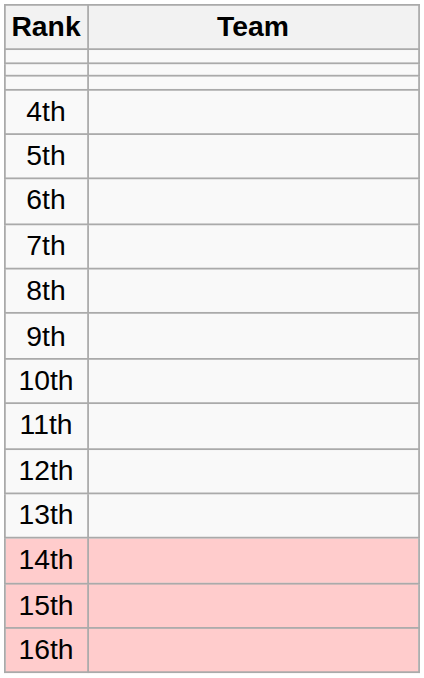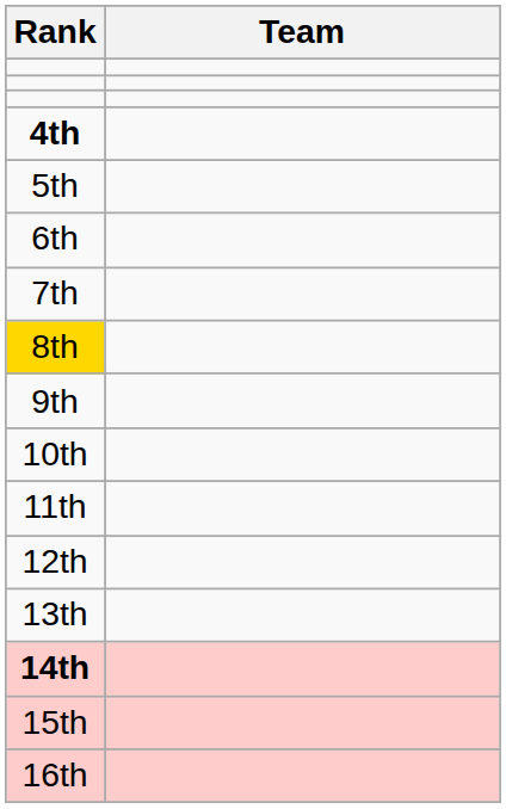 <table class=wikitable style="text-align:center;">
 <tr>
 <th>Rank</th>
 <th width=180>Team</th>
 </tr>
 <tr>
 <td></td>
 <td align=left></td>
 </tr>
 <tr>
 <td></td>
 <td align=left></td>
 </tr>
 <tr>
 <td></td>
 <td align=left></td>
 </tr>
 <tr>
-<td>4th</td>
+<td><strong>4th</strong></td>
 <td align=left></td>
 </tr>
 <tr>
 <td>5th</td>
 <td align=left></td>
 </tr>
 <tr>
 <td>6th</td>
 <td align=left></td>
 </tr>
 <tr>
 <td>7th</td>
 <td align=left></td>
 </tr>
 <tr>
-<td>8th</td>
+<td style="background: gold;">8th</td>
 <td align=left></td>
 </tr>
 <tr>
 <td>9th</td>
 <td align=left></td>
 </tr>
 <tr>
 <td>10th</td>
 <td align=left></td>
 </tr>
 <tr>
 <td>11th</td>
 <td align=left></td>
 </tr>
 <tr>
 <td>12th</td>
 <td align=left></td>
 </tr>
 <tr>
 <td>13th</td>
 <td align=left></td>
 </tr>
 <tr bgcolor=#ffcccc>
-<td>14th</td>
+<td><strong>14th</strong></td>
 <td align=left></td>
 </tr>
 <tr bgcolor=#ffcccc>
 <td>15th</td>
 <td align=left></td>
 </tr>
 <tr bgcolor=#ffcccc>
 <td>16th</td>
 <td align=left></td>
 </tr>
 </table>
